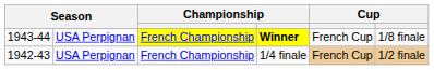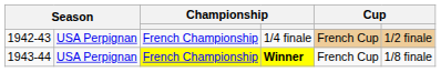 <table class="wikitable" style="font-size:90%; style="text-align:center">
 <tr>
 <th colspan="2" rowspan="2" scope="col" style="background-color:#; color:#;">Season</th>
 <th colspan="2" scope="col" style="background-color:#; color:#;">Championship</th>
 <th colspan="2" scope="col" style="background-color:#; color:#;">Cup</th>
 </tr>
 <tr>
 <th scope="col" style="background-color:#; color:#;"></th>
 <th scope="col" style="background-color:#; color:#;"></th>
 <th scope="col" style="background-color:#; color:#;"></th>
 <th scope="col" style="background-color:#; color:#;"></th>
 </tr>
 <tr>
+<td style="text-align:left">1942-43</td>
+<td> <a href='#'>USA Perpignan</a></td>
+<td><a href='#'>French Championship</a></td>
+<td>1/4 finale</td>
+<td bgcolor=#eecc99>French Cup</td>
+<td bgcolor=#eecc99>1/2 finale</td>
+</tr>
+<tr>
 <td style="text-align:left">1943-44</td>
 <td> <a href='#'>USA Perpignan</a></td>
 <td bgcolor=#FFFF00><a href='#'>French Championship</a></td>
 <td bgcolor=#FFFF00><strong>Winner</strong></td>
 <td>French Cup</td>
 <td>1/8 finale</td>
 </tr>
-<tr>
-<td style="text-align:left">1942-43</td>
-<td> <a href='#'>USA Perpignan</a></td>
-<td><a href='#'>French Championship</a></td>
-<td>1/4 finale</td>
-<td bgcolor=#eecc99>French Cup</td>
-<td bgcolor=#eecc99>1/2 finale</td>
-</tr>
 </table>
